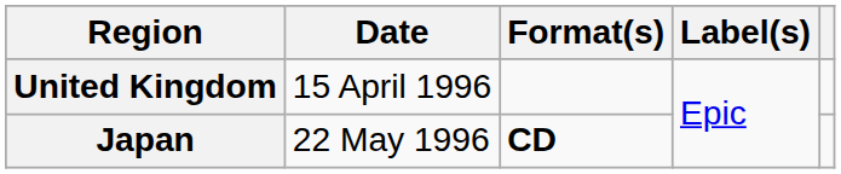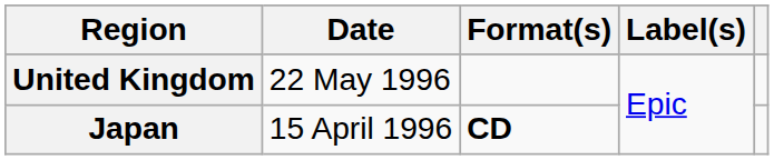 <table class="wikitable plainrowheaders">
 <tr>
 <th scope="col">Region</th>
 <th scope="col">Date</th>
 <th scope="col">Format(s)</th>
 <th scope="col">Label(s)</th>
 <th scope="col"></th>
 </tr>
 <tr>
 <th scope="row">United Kingdom</th>
-<td>15 April 1996</td>
+<td>22 May 1996</td>
 <td></td>
 <td rowspan="2"><a href='#'>Epic</a></td>
 <td></td>
 </tr>
 <tr>
 <th scope="row">Japan</th>
-<td>22 May 1996</td>
+<td>15 April 1996</td>
 <td><strong>CD</strong></td>
 <td></td>
 </tr>
 </table>
